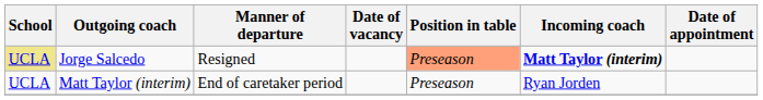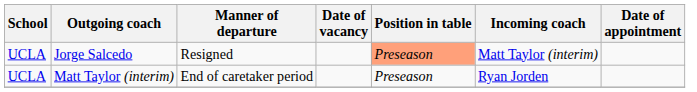 <table class="wikitable sortable">
 <tr>
 <th>School</th>
 <th>Outgoing coach</th>
 <th>Manner of <br> departure</th>
 <th>Date of <br> vacancy</th>
 <th>Position in table</th>
 <th>Incoming coach</th>
 <th>Date of <br> appointment</th>
 </tr>
 <tr>
-<td style="background: khaki;"><a href='#'>UCLA</a></td>
+<td><a href='#'>UCLA</a></td>
 <td> <a href='#'>Jorge Salcedo</a></td>
 <td>Resigned</td>
 <td></td>
 <td style="background: lightsalmon;"><em>Preseason</em></td>
-<td><strong> <a href='#'>Matt Taylor</a> <em>(interim)</em></strong></td>
+<td> <a href='#'>Matt Taylor</a> <em>(interim)</em></td>
 <td></td>
 </tr>
 <tr>
 <td><a href='#'>UCLA</a></td>
 <td> <a href='#'>Matt Taylor</a> <em>(interim)</em></td>
 <td>End of caretaker period</td>
 <td></td>
 <td><em>Preseason</em></td>
 <td> <a href='#'>Ryan Jorden</a></td>
 <td></td>
 </tr>
 <tr>
 </tr>
 </table>
